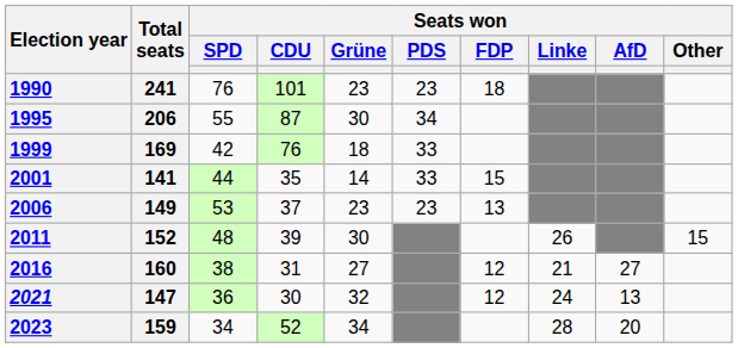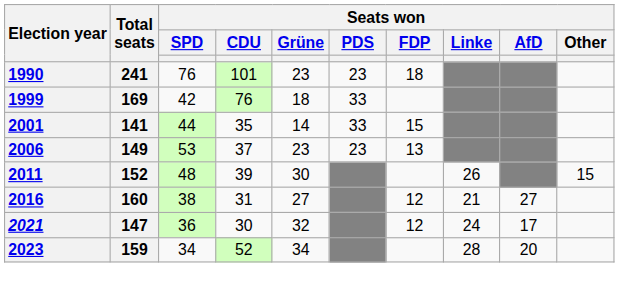 <table class="wikitable" style="text-align:center; font-size: 0.9em;">
 <tr>
 <th rowspan="3">Election year</th>
 <th rowspan="3">Total<br>seats</th>
 <th colspan="8">Seats won</th>
 </tr>
 <tr>
 <th class="unsortable" style="width:45px;"><a href='#'>SPD</a></th>
 <th class="unsortable" style="width:45px;"><a href='#'>CDU</a></th>
 <th class="unsortable" style="width:45px;"><a href='#'>Grüne</a></th>
 <th class="unsortable" style="width:45px;"><a href='#'>PDS</a></th>
 <th class="unsortable" style="width:45px;"><a href='#'>FDP</a></th>
 <th class="unsortable" style="width:45px;"><a href='#'>Linke</a></th>
 <th class="unsortable" style="width:45px;"><a href='#'>AfD</a></th>
 <th class="unsortable" style="width:45px;">Other</th>
 </tr>
 <tr>
 <th style="background:"></th>
 <th style="background:"></th>
 <th style="background:"></th>
 <th style="background:"></th>
 <th style="background:"></th>
 <th style="background:"></th>
 <th style="background:"></th>
 <th style="background:"></th>
 </tr>
 <tr>
 <th style="text-align: left;"><a href='#'>1990</a></th>
 <th>241</th>
 <td>76</td>
 <td style="background:#d1ffbd;">101</td>
 <td>23 </td>
 <td>23</td>
 <td>18</td>
-<td style="background:#828282;"></td>
-<td style="background:#828282;"></td>
-<td></td>
-</tr>
-<tr>
-<th style="text-align: left;"><a href='#'>1995</a></th>
-<th>206</th>
-<td>55</td>
-<td style="background:#d1ffbd;">87</td>
-<td>30</td>
-<td>34</td>
-<td></td>
 <td style="background:#828282;"></td>
 <td style="background:#828282;"></td>
 <td></td>
 </tr>
 <tr>
 <th style="text-align: left;"><a href='#'>1999</a></th>
 <th>169</th>
 <td>42</td>
 <td style="background:#d1ffbd;">76</td>
 <td>18</td>
 <td>33</td>
 <td></td>
 <td style="background:#828282;"></td>
 <td style="background:#828282;"></td>
 <td></td>
 </tr>
 <tr>
 <th style="text-align: left;"><a href='#'>2001</a></th>
 <th>141</th>
 <td style="background:#d1ffbd;">44</td>
 <td>35</td>
 <td>14</td>
 <td>33</td>
 <td>15</td>
 <td style="background:#828282;"></td>
 <td style="background:#828282;"></td>
 <td></td>
 </tr>
 <tr>
 <th style="text-align: left;"><a href='#'>2006</a></th>
 <th>149</th>
 <td style="background:#d1ffbd;">53</td>
 <td>37</td>
 <td>23</td>
 <td>23</td>
 <td>13</td>
 <td style="background:#828282;"></td>
 <td style="background:#828282;"></td>
 <td></td>
 </tr>
 <tr>
 <th style="text-align: left;"><a href='#'>2011</a></th>
 <th>152</th>
 <td style="background:#d1ffbd;">48</td>
 <td>39</td>
 <td>30</td>
 <td style="background:#828282;"></td>
 <td></td>
 <td>26</td>
 <td style="background:#828282;"></td>
 <td>15 </td>
 </tr>
 <tr>
 <th style="text-align: left;"><a href='#'>2016</a></th>
 <th>160</th>
 <td style="background:#d1ffbd;">38</td>
 <td>31</td>
 <td>27</td>
 <td style="background:#828282;"></td>
 <td>12</td>
 <td>21</td>
 <td>27</td>
 <td></td>
 </tr>
 <tr>
 <th style="text-align: left;"><em><a href='#'>2021</a></em></th>
 <th>147</th>
 <td style="background:#d1ffbd;">36</td>
 <td>30</td>
 <td>32</td>
 <td style="background:#828282;"></td>
 <td>12</td>
 <td>24</td>
-<td>13</td>
+<td>17</td>
 <td></td>
 </tr>
 <tr>
 <th style="text-align: left;"><a href='#'>2023</a></th>
 <th>159</th>
 <td>34</td>
 <td style="background:#d1ffbd;">52</td>
 <td>34</td>
 <td style="background:#828282;"></td>
 <td></td>
 <td>28</td>
 <td>20</td>
 <td></td>
 </tr>
 </table>
